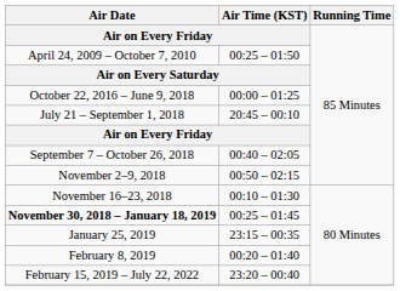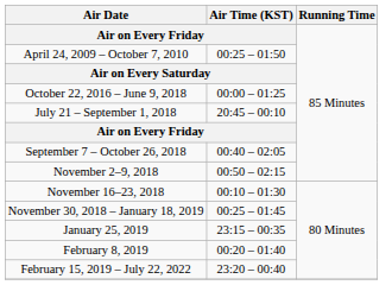 <table class=wikitable style=text-align:center>
 <tr>
 <th>Air Date</th>
 <th>Air Time (KST)</th>
 <th>Running Time</th>
 </tr>
 <tr>
 <th colspan="2">Air on Every Friday</th>
 <td rowspan="8">85 Minutes</td>
 </tr>
 <tr>
 <td>April 24, 2009 – October 7, 2010</td>
 <td>00:25 – 01:50</td>
 </tr>
 <tr>
 <th colspan="2">Air on Every Saturday</th>
 </tr>
 <tr>
 <td>October 22, 2016 – June 9, 2018</td>
 <td>00:00 – 01:25</td>
 </tr>
 <tr>
 <td>July 21 – September 1, 2018</td>
 <td>20:45 – 00:10</td>
 </tr>
 <tr>
 <th colspan="2">Air on Every Friday</th>
 </tr>
 <tr>
 <td>September 7 – October 26, 2018</td>
 <td>00:40 – 02:05</td>
 </tr>
 <tr>
 <td>November 2–9, 2018</td>
 <td>00:50 – 02:15</td>
 </tr>
 <tr>
 <td>November 16–23, 2018</td>
 <td>00:10 – 01:30</td>
 <td rowspan="5">80 Minutes</td>
 </tr>
 <tr>
-<td><strong>November 30, 2018 – January 18, 2019</strong></td>
+<td>November 30, 2018 – January 18, 2019</td>
 <td>00:25 – 01:45</td>
 </tr>
 <tr>
 <td>January 25, 2019</td>
 <td>23:15 – 00:35</td>
 </tr>
 <tr>
 <td>February 8, 2019</td>
 <td>00:20 – 01:40</td>
 </tr>
 <tr>
 <td>February 15, 2019 – July 22, 2022</td>
 <td>23:20 – 00:40</td>
 </tr>
 <tr>
 </tr>
 </table>
